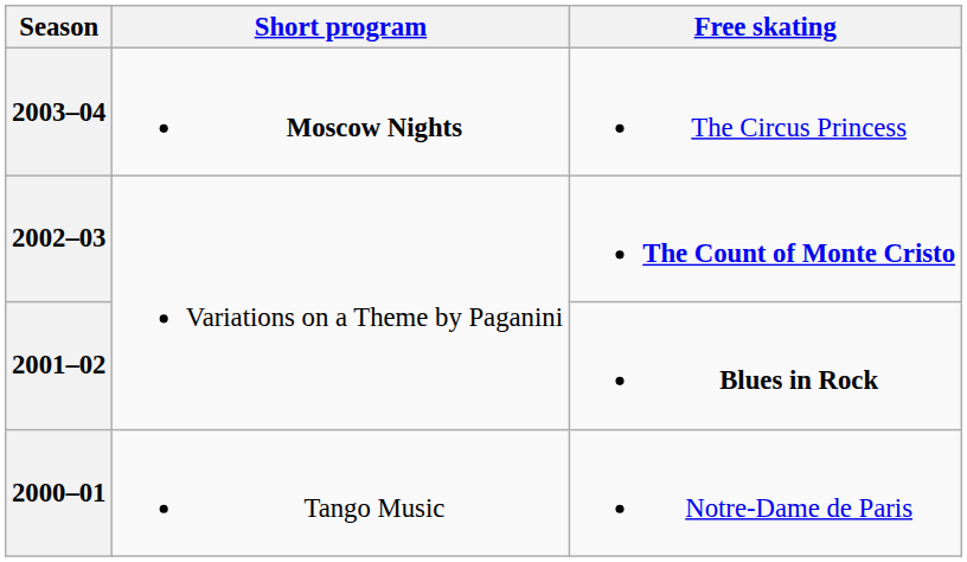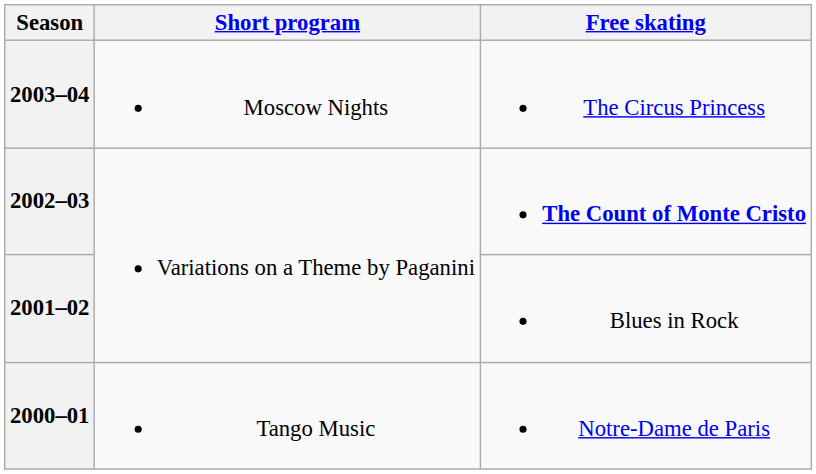 <table class=wikitable style=text-align:center>
 <tr>
 <th>Season</th>
 <th><a href='#'>Short program</a></th>
 <th><a href='#'>Free skating</a></th>
 </tr>
 <tr>
 <th>2003–04 <br> </th>
-<td><strong><br><ul><li>Moscow Nights <br></li></ul></strong></td>
+<td><br><ul><li>Moscow Nights <br></li></ul></td>
 <td><br><ul><li><a href='#'>The Circus Princess</a> <br></li></ul></td>
 </tr>
 <tr>
 <th>2002–03 <br> </th>
 <td rowspan=2><br><ul><li>Variations on a Theme by Paganini <br></li></ul></td>
 <td><strong><br><ul><li><a href='#'>The Count of Monte Cristo</a> <br></li></ul></strong></td>
 </tr>
 <tr>
 <th>2001–02 <br> </th>
-<td><strong><br><ul><li>Blues in Rock <br></li></ul></strong></td>
+<td><br><ul><li>Blues in Rock <br></li></ul></td>
 </tr>
 <tr>
 <th>2000–01 <br> </th>
 <td><br><ul><li>Tango Music <br></li></ul></td>
 <td><br><ul><li><a href='#'>Notre-Dame de Paris</a> <br></li></ul></td>
 </tr>
 </table>
